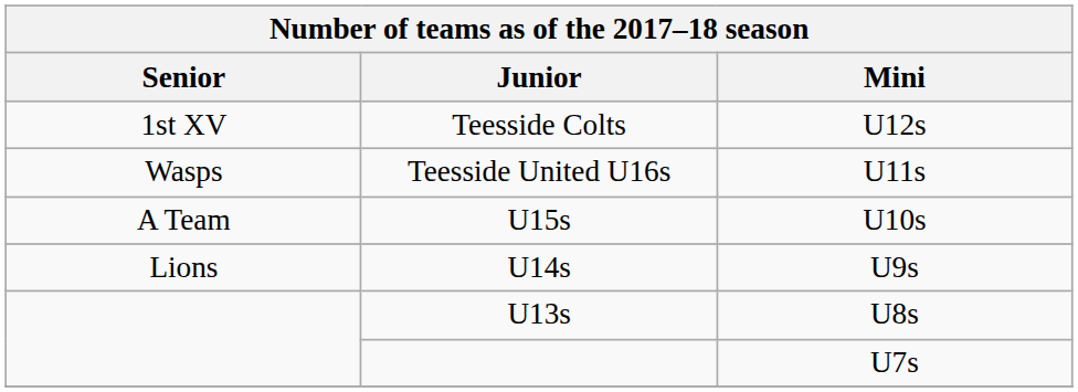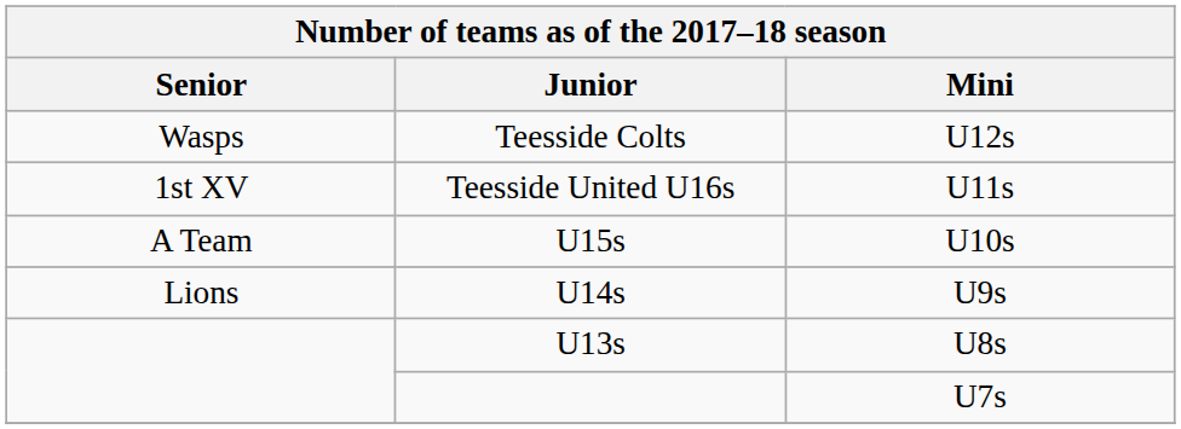 <table class="wikitable" style="text-align: center; margin-left:1em; float: right; width:45%">
 <tr>
 <th colspan=3>Number of teams as of the 2017–18 season</th>
 </tr>
 <tr>
 <th scope="col" style=width:15%>Senior</th>
 <th scope="col" style=width:15%>Junior</th>
 <th scope="col" style=width:15%>Mini</th>
 </tr>
 <tr>
-<td>1st XV</td>
+<td>Wasps</td>
 <td>Teesside Colts</td>
 <td>U12s</td>
 </tr>
 <tr>
-<td>Wasps</td>
+<td>1st XV</td>
 <td>Teesside United U16s</td>
 <td>U11s</td>
 </tr>
 <tr>
 <td>A Team</td>
 <td>U15s</td>
 <td>U10s</td>
 </tr>
 <tr>
 <td>Lions</td>
 <td>U14s</td>
 <td>U9s</td>
 </tr>
 <tr>
 <td rowspan=2></td>
 <td>U13s</td>
 <td>U8s</td>
 </tr>
 <tr>
 <td></td>
 <td>U7s</td>
 </tr>
 <tr>
 </tr>
 </table>
